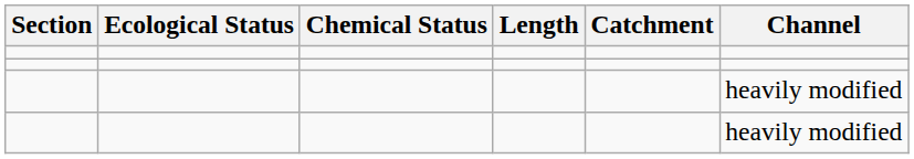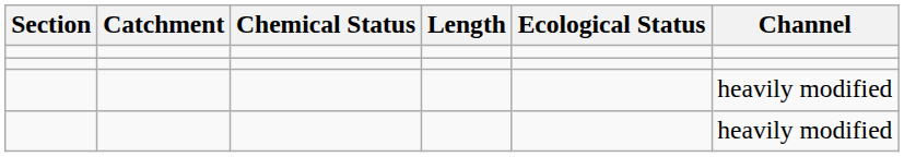 <table class="wikitable">
 <tr>
 <th>Section</th>
-<th>Ecological Status</th>
+<th>Catchment</th>
 <th>Chemical Status</th>
 <th>Length</th>
-<th>Catchment</th>
+<th>Ecological Status</th>
 <th>Channel</th>
 </tr>
 <tr>
 <td></td>
 <td></td>
 <td></td>
 <td></td>
 <td></td>
 <td></td>
 </tr>
 <tr>
 <td></td>
 <td></td>
 <td></td>
 <td></td>
 <td></td>
 <td></td>
 </tr>
 <tr>
 <td></td>
 <td></td>
 <td></td>
 <td></td>
 <td></td>
 <td>heavily modified</td>
 </tr>
 <tr>
 <td></td>
 <td></td>
 <td></td>
 <td></td>
 <td></td>
 <td>heavily modified</td>
 </tr>
 </table>
